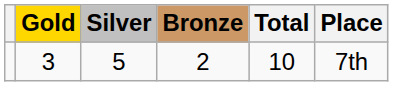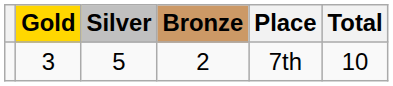 <table class="wikitable">
 <tr>
 <th></th>
 <th style="background-color:gold"><strong> Gold </strong></th>
 <th style="background-color:silver"><strong>Silver</strong></th>
 <th style="background-color:#CC9966"><strong>Bronze</strong></th>
+<th><strong>Place</strong></th>
 <th><strong>Total</strong></th>
-<th><strong>Place</strong></th>
 </tr>
 <tr align="center">
 <td></td>
 <td>3</td>
 <td>5</td>
 <td>2</td>
+<td>7th</td>
 <td>10</td>
-<td>7th</td>
 </tr>
 </table>
